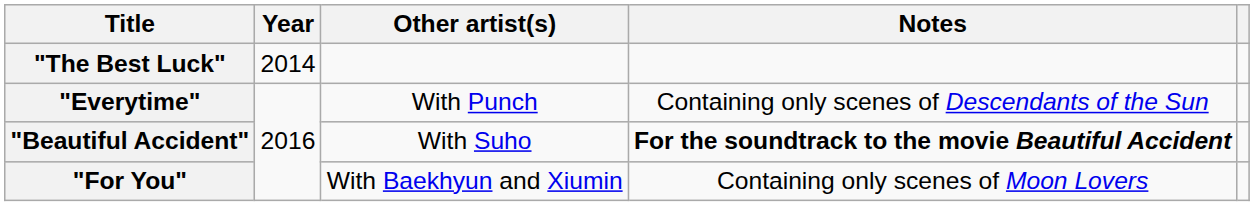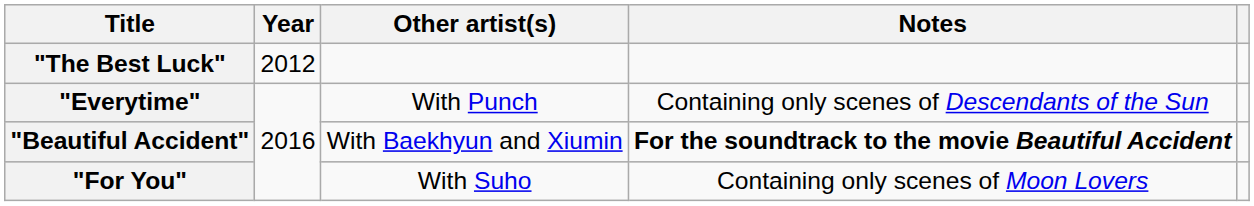 <table class="wikitable plainrowheaders" style="text-align:center">
 <tr>
 <th scope="col">Title</th>
 <th scope="col">Year</th>
 <th>Other artist(s)</th>
 <th scope="col">Notes</th>
 <th scope="col" class="unsortable"></th>
 </tr>
 <tr>
 <th scope="row">"The Best Luck"</th>
-<td>2014</td>
+<td>2012</td>
 <td></td>
 <td></td>
 <td></td>
 </tr>
 <tr>
 <th scope="row">"Everytime"</th>
 <td rowspan="3">2016</td>
 <td>With <a href='#'>Punch</a></td>
 <td>Containing only scenes of <em><a href='#'>Descendants of the Sun</a></em></td>
 <td></td>
 </tr>
 <tr>
 <th scope="row">"Beautiful Accident"</th>
-<td>With <a href='#'>Suho</a></td>
+<td>With <a href='#'>Baekhyun</a> and <a href='#'>Xiumin</a></td>
 <td><strong>For the soundtrack to the movie <em>Beautiful Accident</em></strong></td>
 <td></td>
 </tr>
 <tr>
 <th scope="row">"For You"</th>
-<td>With <a href='#'>Baekhyun</a> and <a href='#'>Xiumin</a></td>
+<td>With <a href='#'>Suho</a></td>
 <td>Containing only scenes of <em><a href='#'>Moon Lovers</a></em></td>
 <td></td>
 </tr>
 </table>
